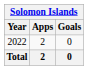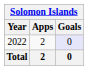 <table class="wikitable" style="text-align:center">
 <tr>
 <th colspan=3><a href='#'>Solomon Islands</a></th>
 </tr>
 <tr>
 <th>Year</th>
 <th>Apps</th>
 <th>Goals</th>
 </tr>
 <tr>
 <td>2022</td>
 <td>2</td>
-<td>0</td>
+<td style="background: lavender;">0</td>
 </tr>
 <tr>
 <th>Total</th>
 <th>2</th>
 <th>0</th>
 </tr>
 </table>
